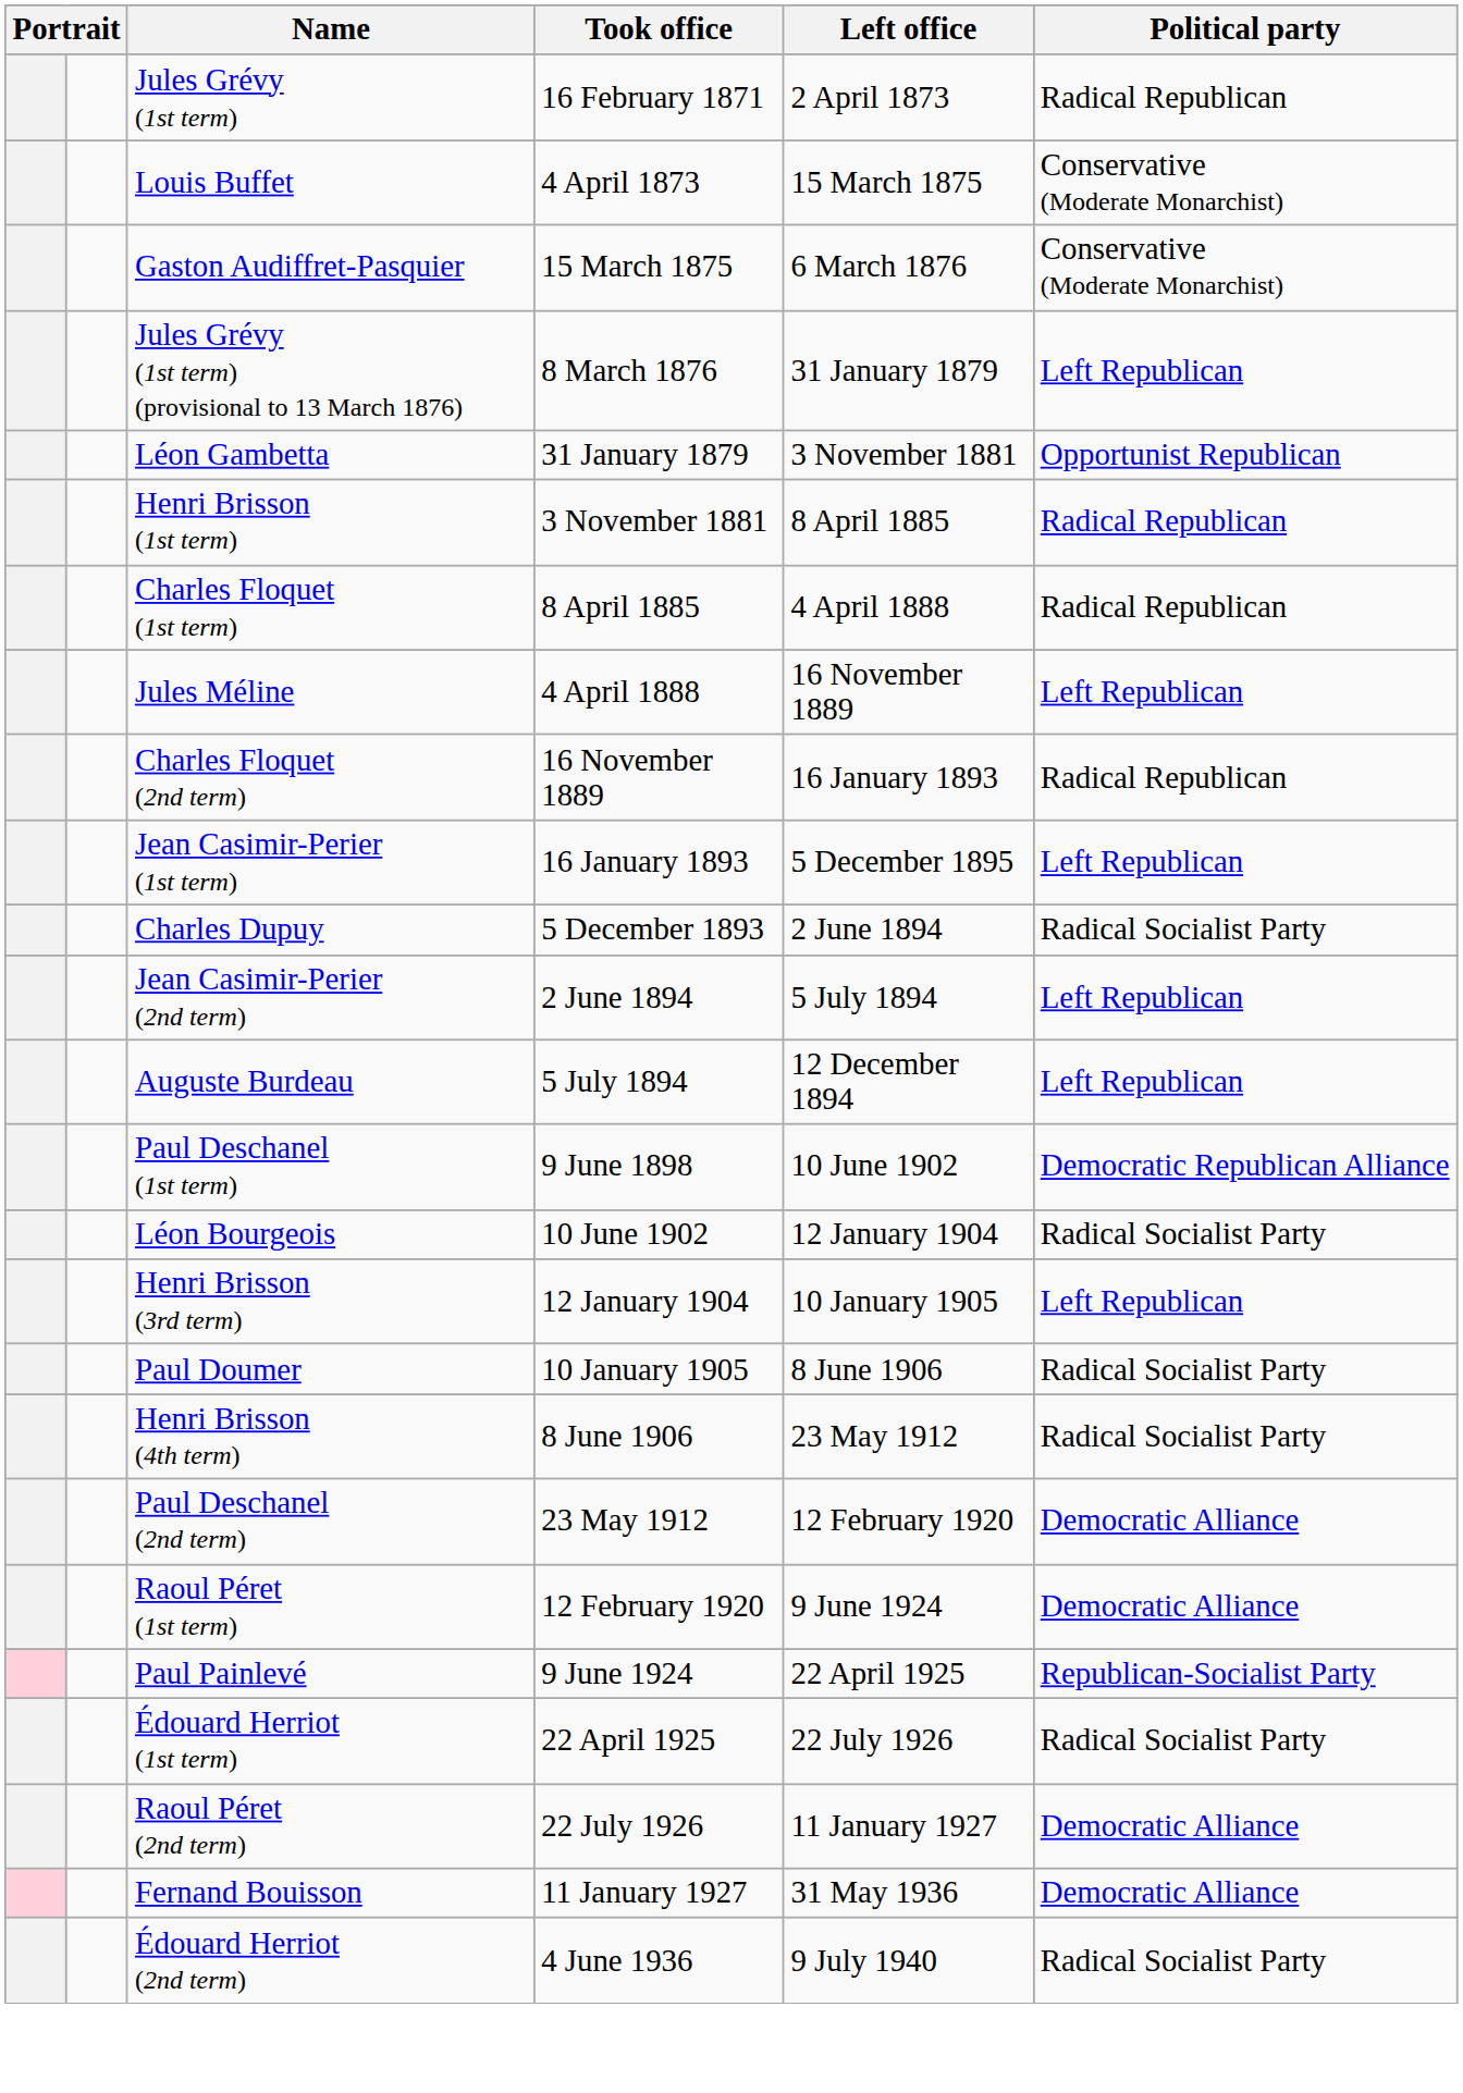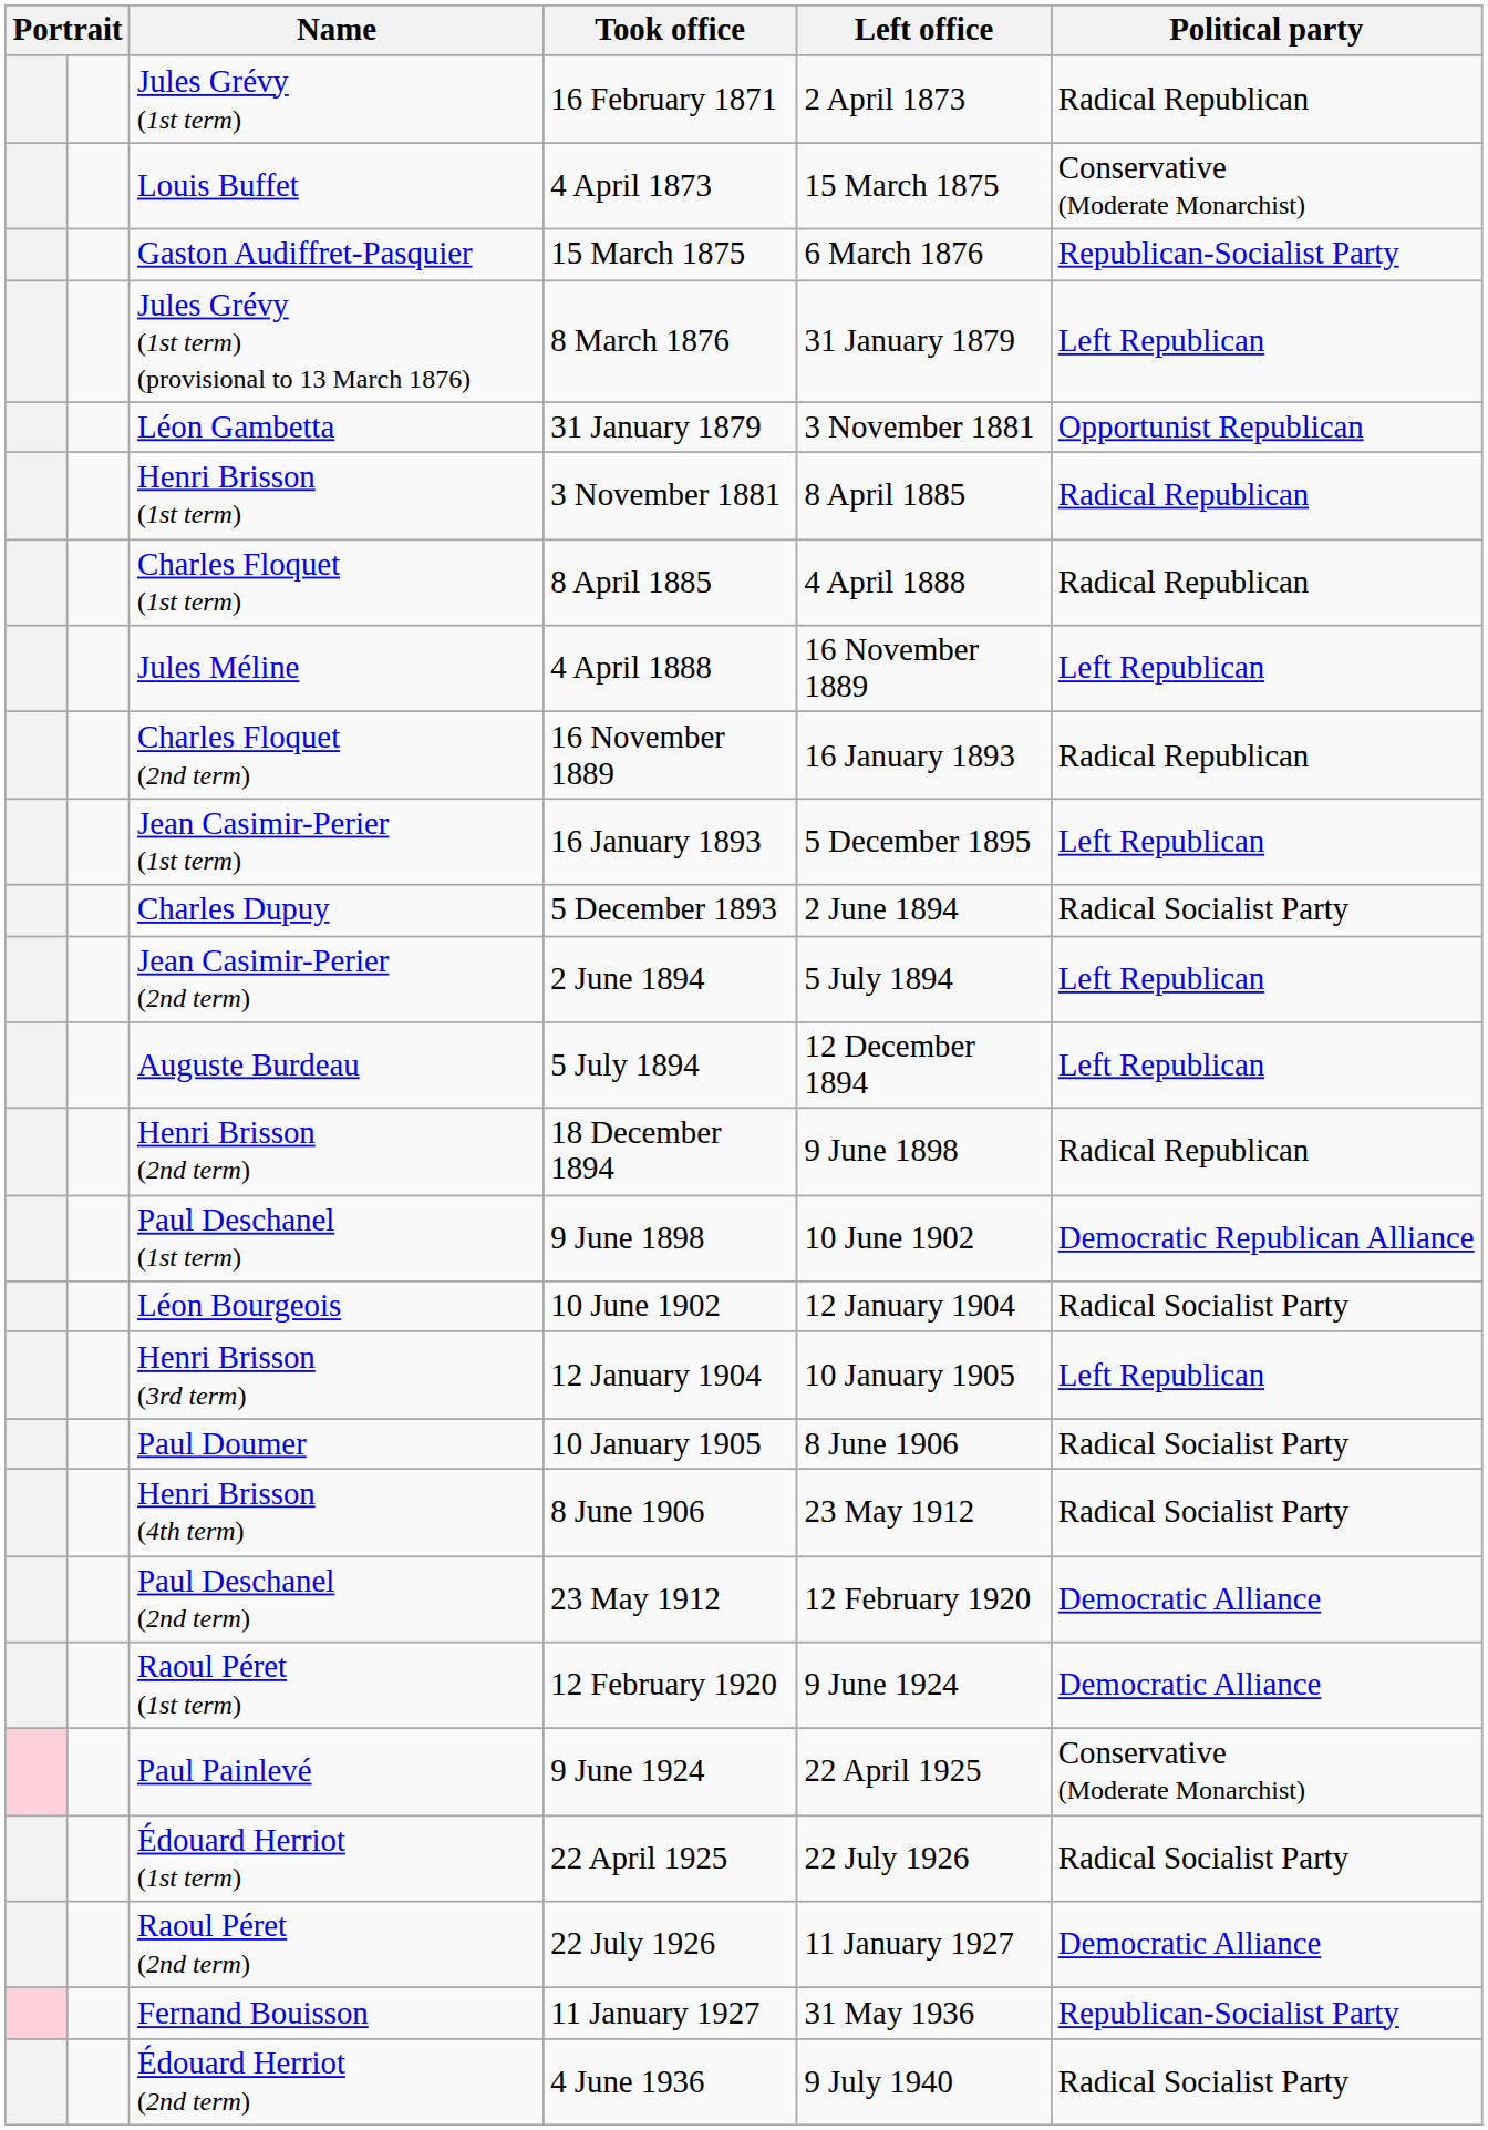 <table class="wikitable">
 <tr>
 <th colspan=2>Portrait</th>
 <th width=200>Name</th>
 <th width=120>Took office</th>
 <th width=120>Left office</th>
 <th>Political party</th>
 </tr>
 <tr>
 <th style="background:"></th>
 <td></td>
 <td><a href='#'>Jules Grévy</a><br><small>(<em>1st term</em>)</small></td>
 <td>16 February 1871</td>
 <td>2 April 1873</td>
 <td>Radical Republican</td>
 </tr>
 <tr>
 <th style="background:"></th>
 <td></td>
 <td><a href='#'>Louis Buffet</a></td>
 <td>4 April 1873</td>
 <td>15 March 1875</td>
 <td>Conservative<br><small>(Moderate Monarchist)</small></td>
 </tr>
 <tr>
 <th style="background:"></th>
 <td></td>
 <td><a href='#'>Gaston Audiffret-Pasquier</a></td>
 <td>15 March 1875</td>
 <td>6 March 1876</td>
-<td>Conservative<br><small>(Moderate Monarchist)</small></td>
+<td><a href='#'>Republican-Socialist Party</a></td>
 </tr>
 <tr>
 <th style="background:"></th>
 <td></td>
 <td><a href='#'>Jules Grévy</a><br><small>(<em>1st term</em>)<br>(provisional to 13 March 1876)</small></td>
 <td>8 March 1876</td>
 <td>31 January 1879</td>
 <td><a href='#'>Left Republican</a></td>
 </tr>
 <tr>
 <th style="background:"></th>
 <td></td>
 <td><a href='#'>Léon Gambetta</a></td>
 <td>31 January 1879</td>
 <td>3 November 1881</td>
 <td><a href='#'>Opportunist Republican</a></td>
 </tr>
 <tr>
 <th style="background:"></th>
 <td></td>
 <td><a href='#'>Henri Brisson</a><br><small>(<em>1st term</em>)</small></td>
 <td>3 November 1881</td>
 <td>8 April 1885</td>
 <td><a href='#'>Radical Republican</a></td>
 </tr>
 <tr>
 <th style="background:"></th>
 <td></td>
 <td><a href='#'>Charles Floquet</a><br><small>(<em>1st term</em>)</small></td>
 <td>8 April 1885</td>
 <td>4 April 1888</td>
 <td>Radical Republican</td>
 </tr>
 <tr>
 <th style="background:"></th>
 <td></td>
 <td><a href='#'>Jules Méline</a></td>
 <td>4 April 1888</td>
 <td>16 November 1889</td>
 <td><a href='#'>Left Republican</a></td>
 </tr>
 <tr>
 <th style="background:"></th>
 <td></td>
 <td><a href='#'>Charles Floquet</a><br><small>(<em>2nd term</em>)</small></td>
 <td>16 November 1889</td>
 <td>16 January 1893</td>
 <td>Radical Republican</td>
 </tr>
 <tr>
 <th style="background:"></th>
 <td></td>
 <td><a href='#'>Jean Casimir-Perier</a><br><small>(<em>1st term</em>)</small></td>
 <td>16 January 1893</td>
 <td>5 December 1895</td>
 <td><a href='#'>Left Republican</a></td>
 </tr>
 <tr>
 <th style="background:"></th>
 <td></td>
 <td><a href='#'>Charles Dupuy</a></td>
 <td>5 December 1893</td>
 <td>2 June 1894</td>
 <td>Radical Socialist Party</td>
 </tr>
 <tr>
 <th style="background:"></th>
 <td></td>
 <td><a href='#'>Jean Casimir-Perier</a><br><small>(<em>2nd term</em>)</small></td>
 <td>2 June 1894</td>
 <td>5 July 1894</td>
 <td><a href='#'>Left Republican</a></td>
 </tr>
 <tr>
 <th style="background:"></th>
 <td></td>
 <td><a href='#'>Auguste Burdeau</a></td>
 <td>5 July 1894</td>
 <td>12 December 1894</td>
 <td><a href='#'>Left Republican</a></td>
 </tr>
 <tr>
 <th style="background:"></th>
 <td></td>
+<td><a href='#'>Henri Brisson</a><br><small>(<em>2nd term</em>)</small></td>
+<td>18 December 1894</td>
+<td>9 June 1898</td>
+<td>Radical Republican</td>
+</tr>
+<tr>
+<th style="background:"></th>
+<td></td>
 <td><a href='#'>Paul Deschanel</a><br><small>(<em>1st term</em>)</small></td>
 <td>9 June 1898</td>
 <td>10 June 1902</td>
 <td><a href='#'>Democratic Republican Alliance</a></td>
 </tr>
 <tr>
 <th style="background:"></th>
 <td></td>
 <td><a href='#'>Léon Bourgeois</a></td>
 <td>10 June 1902</td>
 <td>12 January 1904</td>
 <td>Radical Socialist Party</td>
 </tr>
 <tr>
 <th style="background:"></th>
 <td></td>
 <td><a href='#'>Henri Brisson</a><br><small>(<em>3rd term</em>)</small></td>
 <td>12 January 1904</td>
 <td>10 January 1905</td>
 <td><a href='#'>Left Republican</a></td>
 </tr>
 <tr>
 <th style="background:"></th>
 <td></td>
 <td><a href='#'>Paul Doumer</a></td>
 <td>10 January 1905</td>
 <td>8 June 1906</td>
 <td>Radical Socialist Party</td>
 </tr>
 <tr>
 <th style="background:"></th>
 <td></td>
 <td><a href='#'>Henri Brisson</a><br><small>(<em>4th term</em>)</small></td>
 <td>8 June 1906</td>
 <td>23 May 1912</td>
 <td>Radical Socialist Party</td>
 </tr>
 <tr>
 <th style="background:"></th>
 <td></td>
 <td><a href='#'>Paul Deschanel</a><br><small>(<em>2nd term</em>)</small></td>
 <td>23 May 1912</td>
 <td>12 February 1920</td>
 <td><a href='#'>Democratic Alliance</a></td>
 </tr>
 <tr>
 <th style="background:"></th>
 <td></td>
 <td><a href='#'>Raoul Péret</a><br><small>(<em>1st term</em>)</small></td>
 <td>12 February 1920</td>
 <td>9 June 1924</td>
 <td><a href='#'>Democratic Alliance</a></td>
 </tr>
 <tr>
 <th style="background:#FFD1DC"></th>
 <td></td>
 <td><a href='#'>Paul Painlevé</a></td>
 <td>9 June 1924</td>
 <td>22 April 1925</td>
-<td><a href='#'>Republican-Socialist Party</a></td>
+<td>Conservative<br><small>(Moderate Monarchist)</small></td>
 </tr>
 <tr>
 <th style="background:"></th>
 <td></td>
 <td><a href='#'>Édouard Herriot</a><br><small>(<em>1st term</em>)</small></td>
 <td>22 April 1925</td>
 <td>22 July 1926</td>
 <td>Radical Socialist Party</td>
 </tr>
 <tr>
 <th style="background:"></th>
 <td></td>
 <td><a href='#'>Raoul Péret</a><br><small>(<em>2nd term</em>)</small></td>
 <td>22 July 1926</td>
 <td>11 January 1927</td>
 <td><a href='#'>Democratic Alliance</a></td>
 </tr>
 <tr>
 <th style="background:#FFD1DC"></th>
 <td></td>
 <td><a href='#'>Fernand Bouisson</a></td>
 <td>11 January 1927</td>
 <td>31 May 1936</td>
-<td><a href='#'>Democratic Alliance</a></td>
+<td><a href='#'>Republican-Socialist Party</a></td>
 </tr>
 <tr>
 <th style="background:"></th>
 <td></td>
 <td><a href='#'>Édouard Herriot</a><br><small>(<em>2nd term</em>)</small></td>
 <td>4 June 1936</td>
 <td>9 July 1940</td>
 <td>Radical Socialist Party</td>
 </tr>
 </table>
